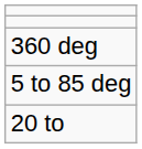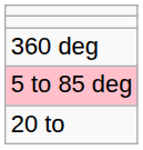 <table class="wikitable">
 <tr>
 <td Velocity></td>
 </tr>
 <tr>
 <td Acceleration></td>
 </tr>
 <tr>
 <td Azimuth>360 deg</td>
 </tr>
 <tr>
-<td Elevation>5 to 85 deg</td>
+<td Elevation style="background: pink;">5 to 85 deg</td>
 </tr>
 <tr>
 <td Range>20 to </td>
 </tr>
 </table>
